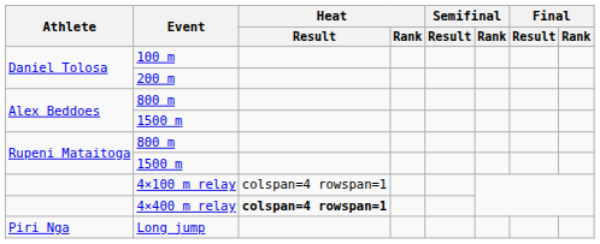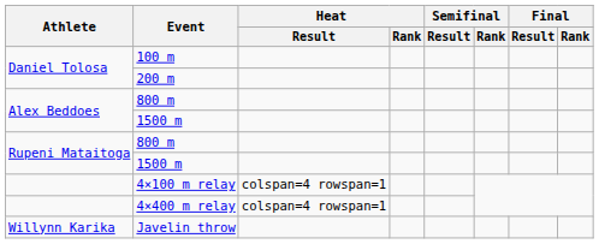 <table class="wikitable" style="font-size:90%">
 <tr>
 <th rowspan="2">Athlete</th>
 <th rowspan="2">Event</th>
 <th colspan="2">Heat</th>
 <th colspan="2">Semifinal</th>
 <th colspan="2">Final</th>
 </tr>
 <tr style="font-size:95%">
 <th>Result</th>
 <th>Rank</th>
 <th>Result</th>
 <th>Rank</th>
 <th>Result</th>
 <th>Rank</th>
 </tr>
 <tr style=text-align:center>
 <td style=text-align:left rowspan=2><a href='#'>Daniel Tolosa</a></td>
 <td style=text-align:left><a href='#'>100 m</a></td>
 <td></td>
 <td></td>
 <td></td>
 <td></td>
 <td></td>
 <td></td>
 </tr>
 <tr style=text-align:center>
 <td style=text-align:left><a href='#'>200 m</a></td>
 <td></td>
 <td></td>
 <td></td>
 <td></td>
 <td></td>
 <td></td>
 </tr>
 <tr style=text-align:center>
 <td style=text-align:left rowspan=2><a href='#'>Alex Beddoes</a></td>
 <td style=text-align:left><a href='#'>800 m</a></td>
 <td></td>
 <td></td>
 <td></td>
 <td></td>
 <td></td>
 <td></td>
 </tr>
 <tr style=text-align:center>
 <td style=text-align:left><a href='#'>1500 m</a></td>
 <td></td>
 <td></td>
 <td></td>
 <td></td>
 <td></td>
 <td></td>
 </tr>
 <tr style=text-align:center>
 <td style=text-align:left rowspan=2><a href='#'>Rupeni Mataitoga</a></td>
 <td style=text-align:left><a href='#'>800 m</a></td>
 <td></td>
 <td></td>
 <td></td>
 <td></td>
 <td></td>
 <td></td>
 </tr>
 <tr style=text-align:center>
 <td style=text-align:left><a href='#'>1500 m</a></td>
 <td></td>
 <td></td>
 <td></td>
 <td></td>
 <td></td>
 <td></td>
 </tr>
 <tr style=text-align:center>
 <td style=text-align:left></td>
 <td style=text-align:left rowspan=1><a href='#'>4×100 m relay</a></td>
 <td>colspan=4 rowspan=1 </td>
 <td></td>
 <td></td>
 </tr>
 <tr style=text-align:center>
 <td style=text-align:left></td>
 <td style=text-align:left rowspan=1><a href='#'>4×400 m relay</a></td>
-<td><strong>colspan=4 rowspan=1 </strong></td>
+<td>colspan=4 rowspan=1 </td>
 <td></td>
 <td></td>
 </tr>
 <tr style=text-align:center>
-<td style=text-align:left><a href='#'>Piri Nga</a></td>
-<td style=text-align:left><a href='#'>Long jump</a></td>
+<td style=text-align:left><a href='#'>Willynn Karika</a></td>
+<td style=text-align:left><a href='#'>Javelin throw</a></td>
 <td></td>
 <td></td>
 <td></td>
 <td></td>
 <td></td>
 <td></td>
 </tr>
 </table>
